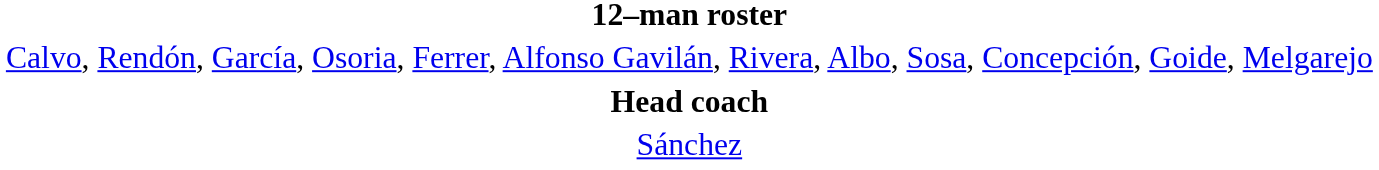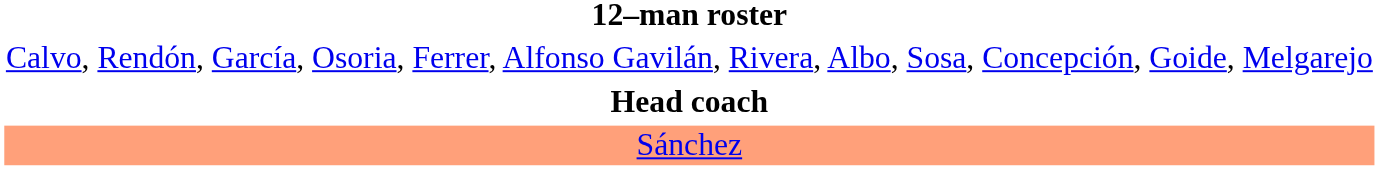 <table style="text-align: center; margin-top: 2em; margin-left: auto; margin-right: auto">
 <tr>
 <td><strong>12–man roster</strong></td>
 </tr>
 <tr>
 <td><a href='#'>Calvo</a>, <a href='#'>Rendón</a>, <a href='#'>García</a>, <a href='#'>Osoria</a>, <a href='#'>Ferrer</a>, <a href='#'>Alfonso Gavilán</a>, <a href='#'>Rivera</a>, <a href='#'>Albo</a>, <a href='#'>Sosa</a>, <a href='#'>Concepción</a>, <a href='#'>Goide</a>, <a href='#'>Melgarejo</a></td>
 </tr>
 <tr>
 <td><strong>Head coach</strong></td>
 </tr>
 <tr>
-<td><a href='#'>Sánchez</a></td>
+<td style="background: lightsalmon;"><a href='#'>Sánchez</a></td>
 </tr>
 </table>
